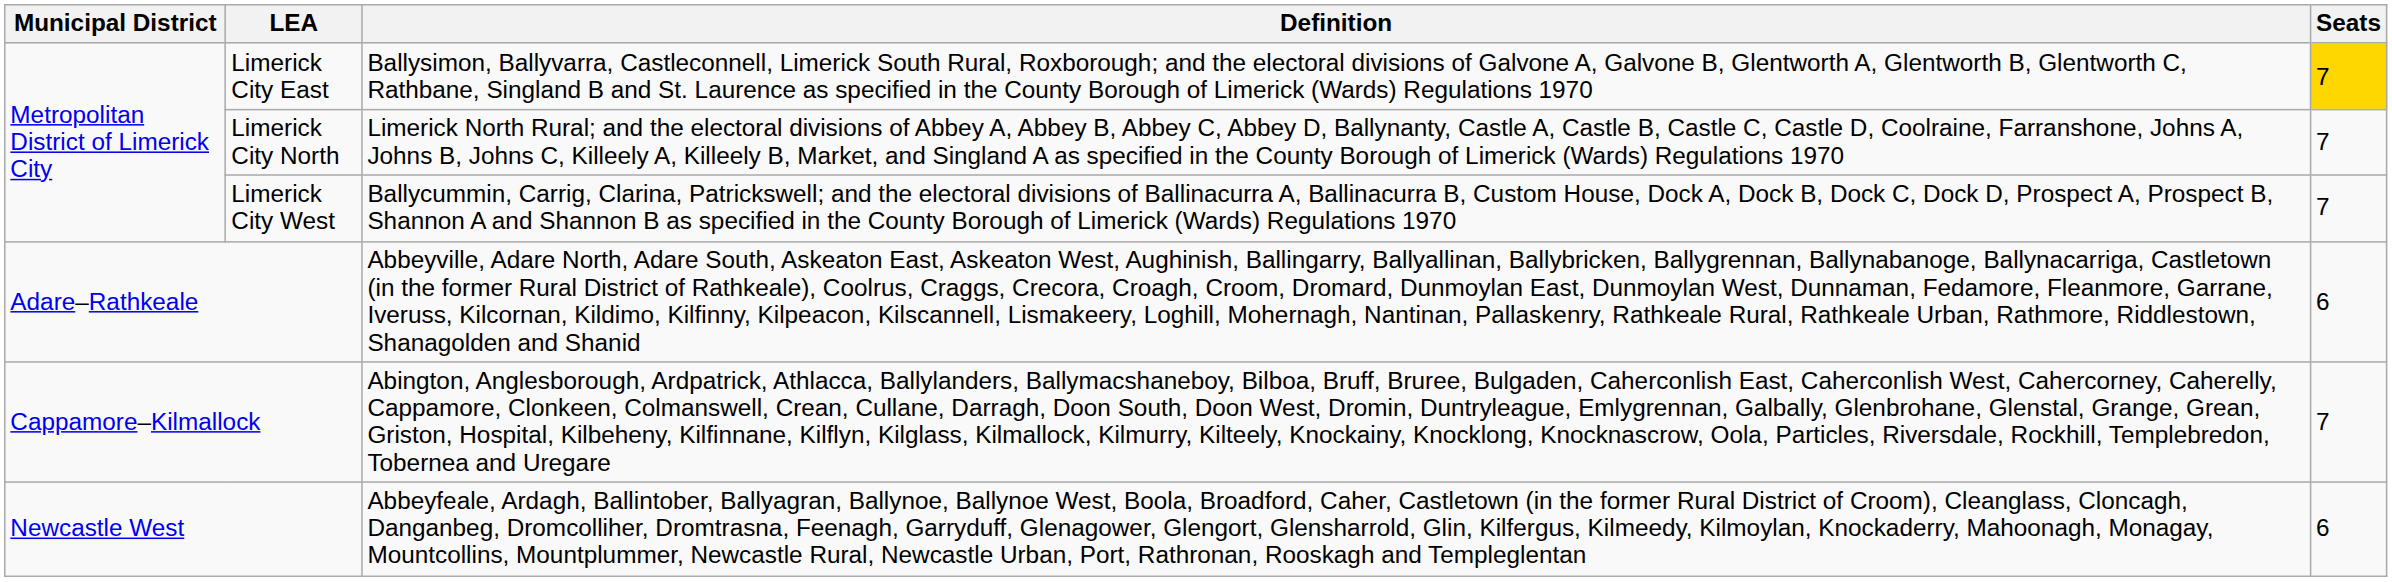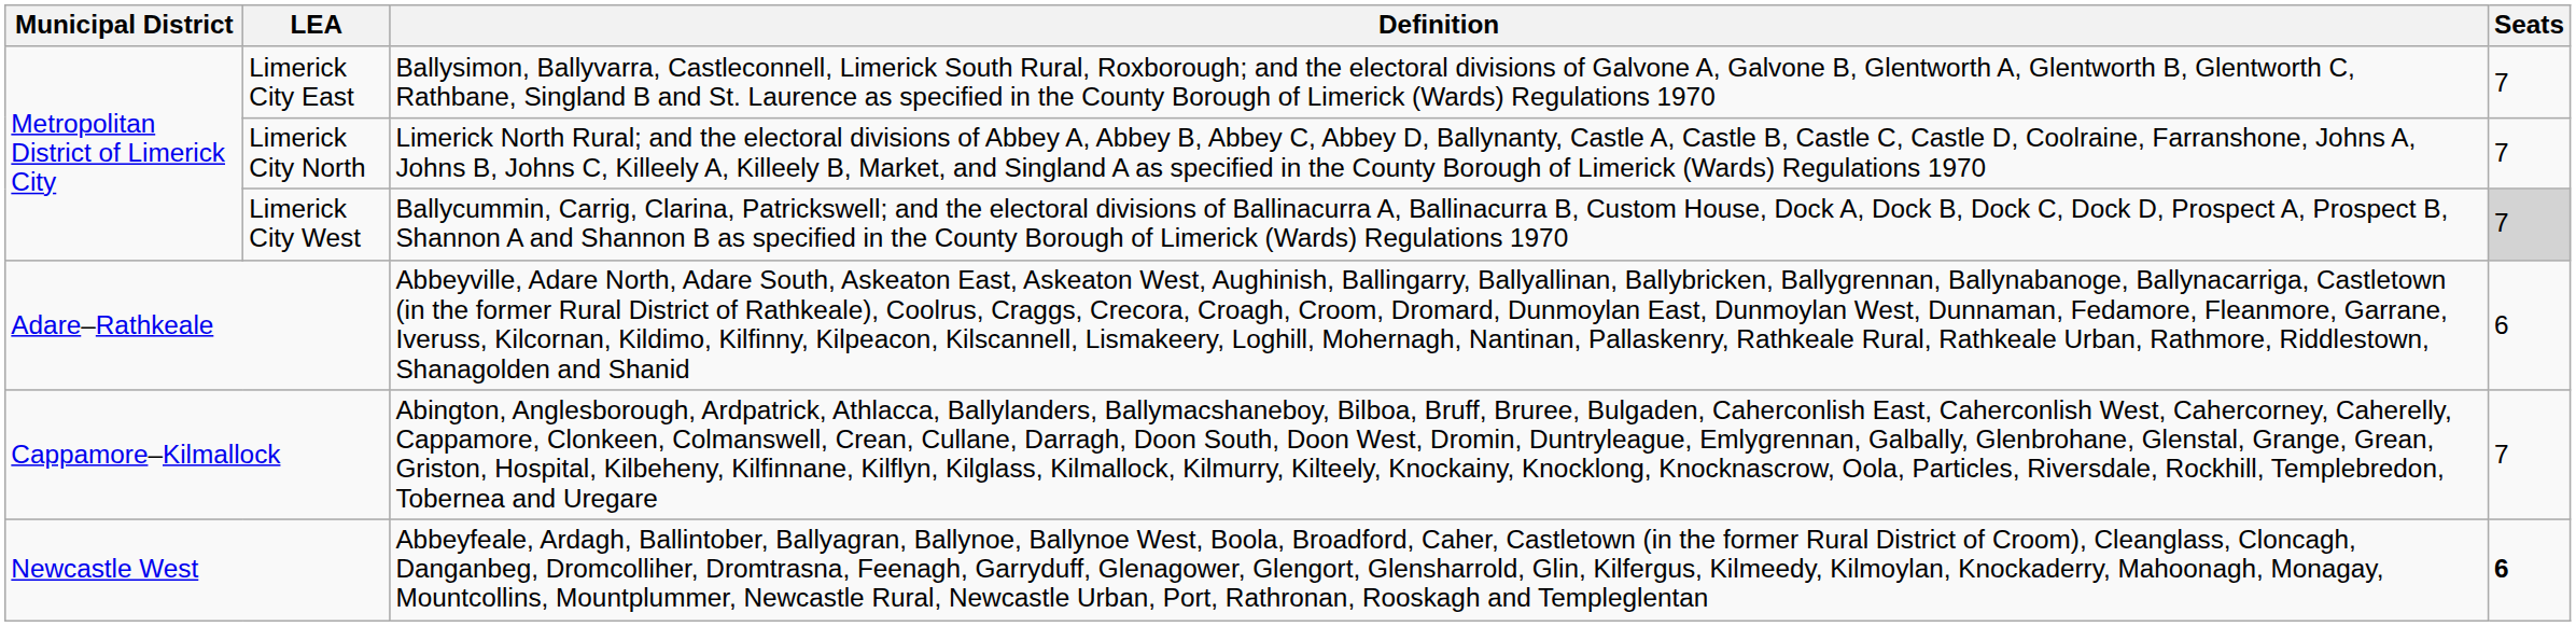 <table class="wikitable">
 <tr>
 <th>Municipal District</th>
 <th>LEA</th>
 <th>Definition</th>
 <th>Seats</th>
 </tr>
 <tr>
 <td rowspan=3><a href='#'>Metropolitan District of Limerick City</a></td>
 <td>Limerick City East</td>
 <td>Ballysimon, Ballyvarra, Castleconnell, Limerick South Rural, Roxborough; and the electoral divisions of Galvone A, Galvone B, Glentworth A, Glentworth B, Glentworth C, Rathbane, Singland B and St. Laurence as specified in the County Borough of Limerick (Wards) Regulations 1970</td>
-<td style="background: gold;">7</td>
+<td>7</td>
 </tr>
 <tr>
 <td>Limerick City North</td>
 <td>Limerick North Rural; and the electoral divisions of Abbey A, Abbey B, Abbey C, Abbey D, Ballynanty, Castle A, Castle B, Castle C, Castle D, Coolraine, Farranshone, Johns A, Johns B, Johns C, Killeely A, Killeely B, Market, and Singland A as specified in the County Borough of Limerick (Wards) Regulations 1970</td>
 <td>7</td>
 </tr>
 <tr>
 <td>Limerick City West</td>
 <td>Ballycummin, Carrig, Clarina, Patrickswell; and the electoral divisions of Ballinacurra A, Ballinacurra B, Custom House, Dock A, Dock B, Dock C, Dock D, Prospect A, Prospect B, Shannon A and Shannon B as specified in the County Borough of Limerick (Wards) Regulations 1970</td>
-<td>7</td>
+<td style="background: lightgrey;">7</td>
 </tr>
 <tr>
 <td colspan=2><a href='#'>Adare</a>–<a href='#'>Rathkeale</a></td>
 <td>Abbeyville, Adare North, Adare South, Askeaton East, Askeaton West, Aughinish, Ballingarry, Ballyallinan, Ballybricken, Ballygrennan, Ballynabanoge, Ballynacarriga, Castletown (in the former Rural District of Rathkeale), Coolrus, Craggs, Crecora, Croagh, Croom, Dromard, Dunmoylan East, Dunmoylan West, Dunnaman, Fedamore, Fleanmore, Garrane, Iveruss, Kilcornan, Kildimo, Kilfinny, Kilpeacon, Kilscannell, Lismakeery, Loghill, Mohernagh, Nantinan, Pallaskenry, Rathkeale Rural, Rathkeale Urban, Rathmore, Riddlestown, Shanagolden and Shanid</td>
 <td>6</td>
 </tr>
 <tr>
 <td colspan=2><a href='#'>Cappamore</a>–<a href='#'>Kilmallock</a></td>
 <td>Abington, Anglesborough, Ardpatrick, Athlacca, Ballylanders, Ballymacshaneboy, Bilboa, Bruff, Bruree, Bulgaden, Caherconlish East, Caherconlish West, Cahercorney, Caherelly, Cappamore, Clonkeen, Colmanswell, Crean, Cullane, Darragh, Doon South, Doon West, Dromin, Duntryleague, Emlygrennan, Galbally, Glenbrohane, Glenstal, Grange, Grean, Griston, Hospital, Kilbeheny, Kilfinnane, Kilflyn, Kilglass, Kilmallock, Kilmurry, Kilteely, Knockainy, Knocklong, Knocknascrow, Oola, Particles, Riversdale, Rockhill, Templebredon, Tobernea and Uregare</td>
 <td>7</td>
 </tr>
 <tr>
 <td colspan=2><a href='#'>Newcastle West</a></td>
 <td>Abbeyfeale, Ardagh, Ballintober, Ballyagran, Ballynoe, Ballynoe West, Boola, Broadford, Caher, Castletown (in the former Rural District of Croom), Cleanglass, Cloncagh, Danganbeg, Dromcolliher, Dromtrasna, Feenagh, Garryduff, Glenagower, Glengort, Glensharrold, Glin, Kilfergus, Kilmeedy, Kilmoylan, Knockaderry, Mahoonagh, Monagay, Mountcollins, Mountplummer, Newcastle Rural, Newcastle Urban, Port, Rathronan, Rooskagh and Templeglentan</td>
-<td>6</td>
+<td><strong>6</strong></td>
 </tr>
 </table>
